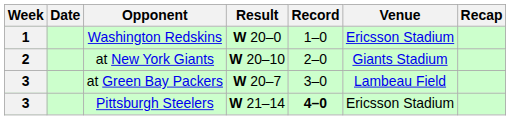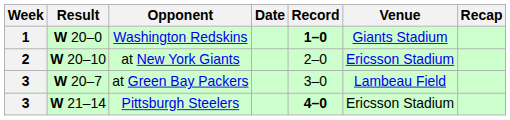 <table class="wikitable" style="text-align:center">
 <tr>
 <th>Week</th>
+<th>Result</th>
+<th>Opponent</th>
 <th>Date</th>
-<th>Opponent</th>
-<th>Result</th>
 <th>Record</th>
 <th>Venue</th>
 <th>Recap</th>
 </tr>
 <tr style="background:#cfc">
 <th>1</th>
+<td><strong>W</strong> 20–0</td>
+<td><a href='#'>Washington Redskins</a></td>
 <td></td>
-<td><a href='#'>Washington Redskins</a></td>
-<td><strong>W</strong> 20–0</td>
-<td>1–0</td>
+<td><strong>1–0</strong></td>
+<td><a href='#'>Giants Stadium</a></td>
+<td></td>
+</tr>
+<tr style="background:#cfc">
+<th>2</th>
+<td><strong>W</strong> 20–10</td>
+<td>at <a href='#'>New York Giants</a></td>
+<td></td>
+<td>2–0</td>
 <td><a href='#'>Ericsson Stadium</a></td>
 <td></td>
 </tr>
 <tr style="background:#cfc">
-<th>2</th>
+<th>3</th>
+<td><strong>W</strong> 20–7</td>
+<td>at <a href='#'>Green Bay Packers</a></td>
 <td></td>
-<td>at <a href='#'>New York Giants</a></td>
-<td><strong>W</strong> 20–10</td>
-<td>2–0</td>
-<td><a href='#'>Giants Stadium</a></td>
-<td></td>
-</tr>
-<tr style="background:#cfc">
-<th>3</th>
-<td></td>
-<td>at <a href='#'>Green Bay Packers</a></td>
-<td><strong>W</strong> 20–7</td>
 <td>3–0</td>
 <td><a href='#'>Lambeau Field</a></td>
 <td></td>
 </tr>
 <tr style="background:#cfc">
 <th>3</th>
+<td><strong>W</strong> 21–14</td>
+<td><a href='#'>Pittsburgh Steelers</a></td>
 <td></td>
-<td><a href='#'>Pittsburgh Steelers</a></td>
-<td><strong>W</strong> 21–14</td>
 <td><strong>4–0</strong></td>
 <td>Ericsson Stadium</td>
 <td></td>
 </tr>
 </table>
